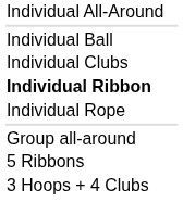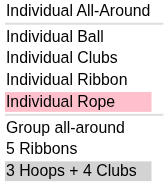 <table>
 <tr>
 <td>Individual All-Around</td>
 <td></td>
 <td></td>
 <td></td>
 </tr>
 <tr bgcolor=#DDDDDD>
 <td colspan=7></td>
 </tr>
 <tr>
 <td>Individual Ball</td>
 <td></td>
 <td></td>
 <td></td>
 </tr>
 <tr>
 <td>Individual Clubs</td>
 <td></td>
 <td></td>
 <td></td>
 </tr>
 <tr>
-<td><strong>Individual Ribbon</strong></td>
+<td>Individual Ribbon</td>
 <td></td>
 <td></td>
 <td></td>
 </tr>
 <tr>
-<td>Individual Rope</td>
+<td style="background: pink;">Individual Rope</td>
 <td></td>
 <td></td>
 <td></td>
 </tr>
 <tr bgcolor=#DDDDDD>
 <td colspan=7></td>
 </tr>
 <tr>
 <td>Group all-around</td>
 <td></td>
 <td></td>
 <td></td>
 </tr>
 <tr>
 <td>5 Ribbons</td>
 <td></td>
 <td></td>
 <td></td>
 </tr>
 <tr>
-<td>3 Hoops + 4 Clubs</td>
+<td style="background: lightgrey;">3 Hoops + 4 Clubs</td>
 <td></td>
 <td></td>
 <td></td>
 </tr>
 </table>
